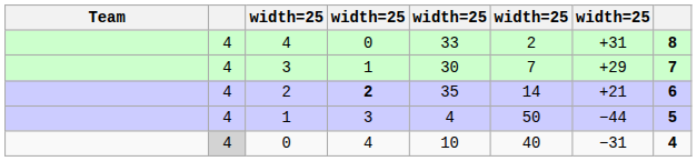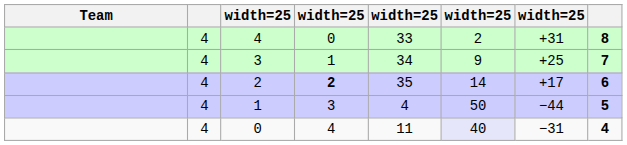 <table class=wikitable style="text-align:center">
 <tr>
 <th width="165">Team</th>
 <th width=25></th>
 <th>width=25</th>
 <th>width=25</th>
 <th>width=25</th>
 <th>width=25</th>
 <th>width=25</th>
 <th width=25></th>
 </tr>
 <tr bgcolor=#ccffcc>
 <td align=left></td>
 <td>4</td>
 <td>4</td>
 <td>0</td>
 <td>33</td>
 <td>2</td>
 <td>+31</td>
 <td><strong>8</strong></td>
 </tr>
 <tr bgcolor=#ccffcc>
 <td align=left></td>
 <td>4</td>
 <td>3</td>
 <td>1</td>
-<td>30</td>
-<td>7</td>
-<td>+29</td>
+<td>34</td>
+<td>9</td>
+<td>+25</td>
 <td><strong>7</strong></td>
 </tr>
 <tr bgcolor=#ccccff>
 <td align=left></td>
 <td>4</td>
 <td>2</td>
 <td><strong>2</strong></td>
 <td>35</td>
 <td>14</td>
-<td>+21</td>
+<td>+17</td>
 <td><strong>6</strong></td>
 </tr>
 <tr bgcolor=#ccccff>
 <td align=left></td>
 <td>4</td>
 <td>1</td>
 <td>3</td>
 <td>4</td>
 <td>50</td>
 <td>−44</td>
 <td><strong>5</strong></td>
 </tr>
 <tr>
 <td align=left></td>
-<td style="background: lightgrey;">4</td>
+<td>4</td>
 <td>0</td>
 <td>4</td>
-<td>10</td>
-<td>40</td>
+<td>11</td>
+<td style="background: lavender;">40</td>
 <td>−31</td>
 <td><strong>4</strong></td>
 </tr>
 </table>
